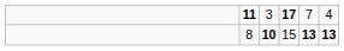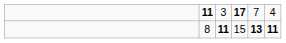 <table class="wikitable">
 <tr>
 <td style="width:18em"></td>
 <td align=center style="width:1em"><strong>11</strong></td>
 <td align=center style="width:1em">3</td>
 <td align=center style="width:1em"><strong>17</strong></td>
 <td align=center style="width:1em">7</td>
 <td align=center style="width:1em">4</td>
 </tr>
 <tr>
 <td style="width:18em"><strong></strong></td>
 <td align=center style="width:1em">8</td>
-<td align=center style="width:1em"><strong>10</strong></td>
+<td align=center style="width:1em"><strong>11</strong></td>
 <td align=center style="width:1em">15</td>
 <td align=center style="width:1em"><strong>13</strong></td>
-<td align=center style="width:1em"><strong>13</strong></td>
+<td align=center style="width:1em"><strong>11</strong></td>
 </tr>
 </table>
